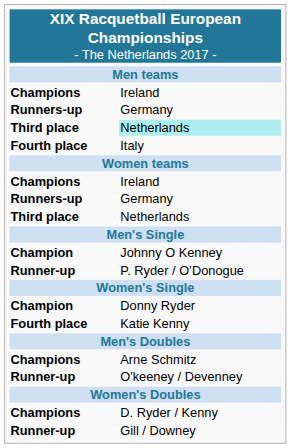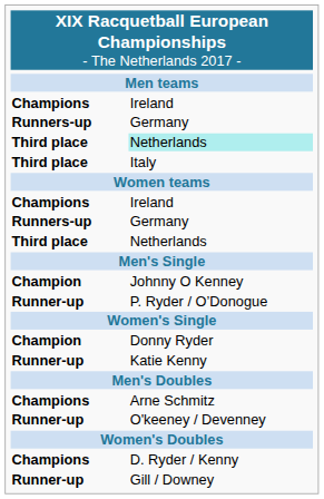 <table class="infobox" style="font-size: 90%; width: 22em;">
 <tr>
 <td colspan="2" style="background: #227799; text-align: center; color:#ffffff;"><big><strong>XIX Racquetball European Championships</strong></big><br>- The Netherlands 2017 -</td>
 </tr>
 <tr style="vertical-align:top;">
 </tr>
 <tr style="vertical-align:top;">
 <td colspan="2" style="background: #cedff2; text-align: center; color:#227799;"><strong>Men teams</strong></td>
 </tr>
 <tr style="vertical-align:top;">
 <td><strong>Champions</strong> </td>
 <td> Ireland</td>
 </tr>
 <tr>
 <td><strong>Runners-up</strong> </td>
 <td> Germany</td>
 </tr>
 <tr>
 <td><strong>Third place</strong> </td>
 <td style="background: paleturquoise;"> Netherlands</td>
 </tr>
 <tr>
-<td><strong>Fourth place</strong></td>
+<td><strong>Third place</strong> </td>
 <td> Italy</td>
 </tr>
 <tr style="vertical-align:top;">
 <td colspan="2" style="background: #cedff2; text-align: center; color:#227799;"><strong>Women teams</strong></td>
 </tr>
 <tr style="vertical-align:top;">
 <td><strong>Champions</strong> </td>
 <td> Ireland</td>
 </tr>
 <tr>
 <td><strong>Runners-up</strong> </td>
 <td> Germany</td>
 </tr>
 <tr>
 <td><strong>Third place</strong> </td>
 <td> Netherlands</td>
 </tr>
 <tr style="vertical-align:top;">
 <td colspan="2" style="background: #cedff2; text-align: center; color:#227799;"><strong>Men's Single</strong></td>
 </tr>
 <tr style="vertical-align:top;">
 <td><strong>Champion</strong> </td>
 <td> Johnny O Kenney</td>
 </tr>
 <tr>
 <td><strong>Runner-up</strong> </td>
 <td> P. Ryder / O’Donogue</td>
 </tr>
 <tr style="vertical-align:top;">
 <td colspan="2" style="background: #cedff2; text-align: center; color:#227799;"><strong>Women's Single</strong></td>
 </tr>
 <tr style="vertical-align:top;">
 <td><strong>Champion</strong> </td>
 <td> Donny Ryder</td>
 </tr>
 <tr>
-<td><strong>Fourth place</strong></td>
+<td><strong>Runner-up</strong> </td>
 <td> Katie Kenny</td>
 </tr>
 <tr style="vertical-align:top;">
 <td colspan="2" style="background: #cedff2; text-align: center; color:#227799;"><strong>Men's Doubles</strong></td>
 </tr>
 <tr style="vertical-align:top;">
 <td><strong>Champions</strong> </td>
 <td> Arne Schmitz</td>
 </tr>
 <tr>
 <td><strong>Runner-up</strong> </td>
 <td> O'keeney / Devenney</td>
 </tr>
 <tr style="vertical-align:top;">
 <td colspan="2" style="background: #cedff2; text-align: center; color:#227799;"><strong>Women's Doubles</strong></td>
 </tr>
 <tr style="vertical-align:top;">
 <td><strong>Champions</strong> </td>
 <td> D. Ryder / Kenny</td>
 </tr>
 <tr>
 <td><strong>Runner-up</strong> </td>
 <td> Gill / Downey</td>
 </tr>
 </table>
